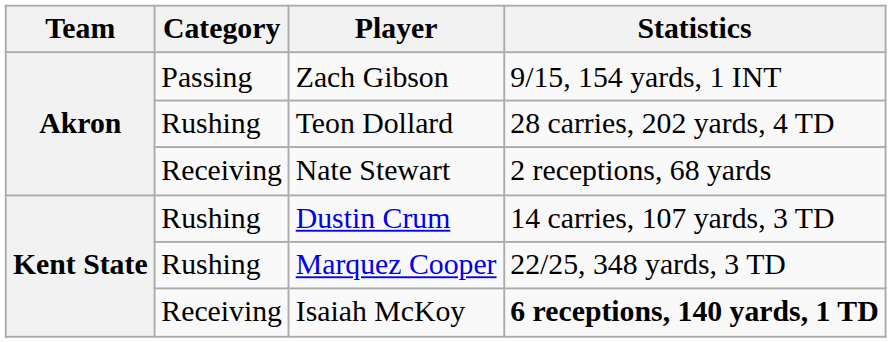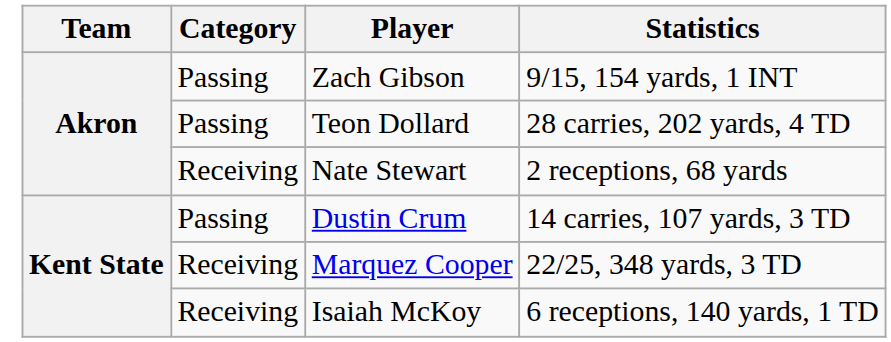 <table class="wikitable" style="float:right">
 <tr>
 <th>Team</th>
 <th>Category</th>
 <th>Player</th>
 <th>Statistics</th>
 </tr>
 <tr>
 <th rowspan=3>Akron</th>
 <td>Passing</td>
 <td>Zach Gibson</td>
 <td>9/15, 154 yards, 1 INT</td>
 </tr>
 <tr>
-<td>Rushing</td>
+<td>Passing</td>
 <td>Teon Dollard</td>
 <td>28 carries, 202 yards, 4 TD</td>
 </tr>
 <tr>
 <td>Receiving</td>
 <td>Nate Stewart</td>
 <td>2 receptions, 68 yards</td>
 </tr>
 <tr>
 <th rowspan=3>Kent State</th>
-<td>Rushing</td>
+<td>Passing</td>
 <td><a href='#'>Dustin Crum</a></td>
 <td>14 carries, 107 yards, 3 TD</td>
 </tr>
 <tr>
-<td>Rushing</td>
+<td>Receiving</td>
 <td><a href='#'>Marquez Cooper</a></td>
 <td>22/25, 348 yards, 3 TD</td>
 </tr>
 <tr>
 <td>Receiving</td>
 <td>Isaiah McKoy</td>
-<td><strong>6 receptions, 140 yards, 1 TD</strong></td>
+<td>6 receptions, 140 yards, 1 TD</td>
 </tr>
 </table>
